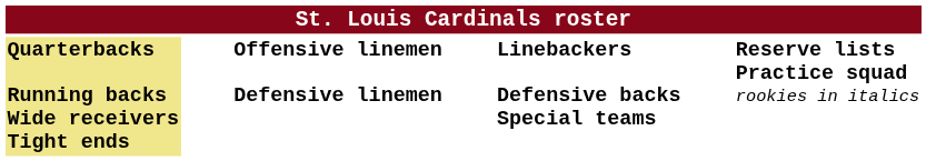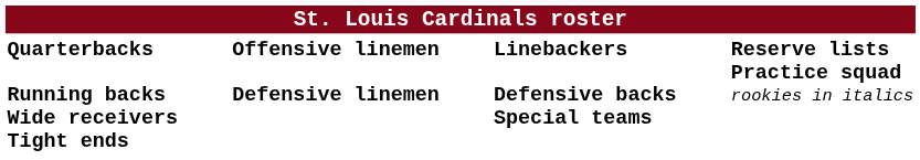 <table class="toccolours" style="text-align: left;">
 <tr>
 <th colspan="9" style="background-color: #870619; color: white; text-align: center;"><strong>St. Louis Cardinals roster</strong></th>
 </tr>
 <tr>
-<td style="background: khaki; font-size: 95%;" valign="top"><strong>Quarterbacks</strong><br> <br><strong>Running backs</strong>      <br><strong>Wide receivers</strong>    <br><strong>Tight ends</strong>  </td>
+<td style="font-size: 95%;" valign="top"><strong>Quarterbacks</strong><br> <br><strong>Running backs</strong>      <br><strong>Wide receivers</strong>    <br><strong>Tight ends</strong>  </td>
 <td style="width: 25px;"></td>
 <td style="font-size: 95%;" valign="top"><strong>Offensive linemen</strong><br>       <br><strong>Defensive linemen</strong>     </td>
 <td style="width: 25px;"></td>
 <td style="font-size: 95%;" valign="top"><strong>Linebackers</strong><br>     <br><strong>Defensive backs</strong>         <br><strong>Special teams</strong>  </td>
 <td style="width: 25px;"></td>
 <td style="font-size: 95%;" valign="top"><strong>Reserve lists</strong><br><strong>Practice squad</strong><br><small><em>rookies in italics</em></small><br></td>
 </tr>
 <tr>
 </tr>
 </table>
